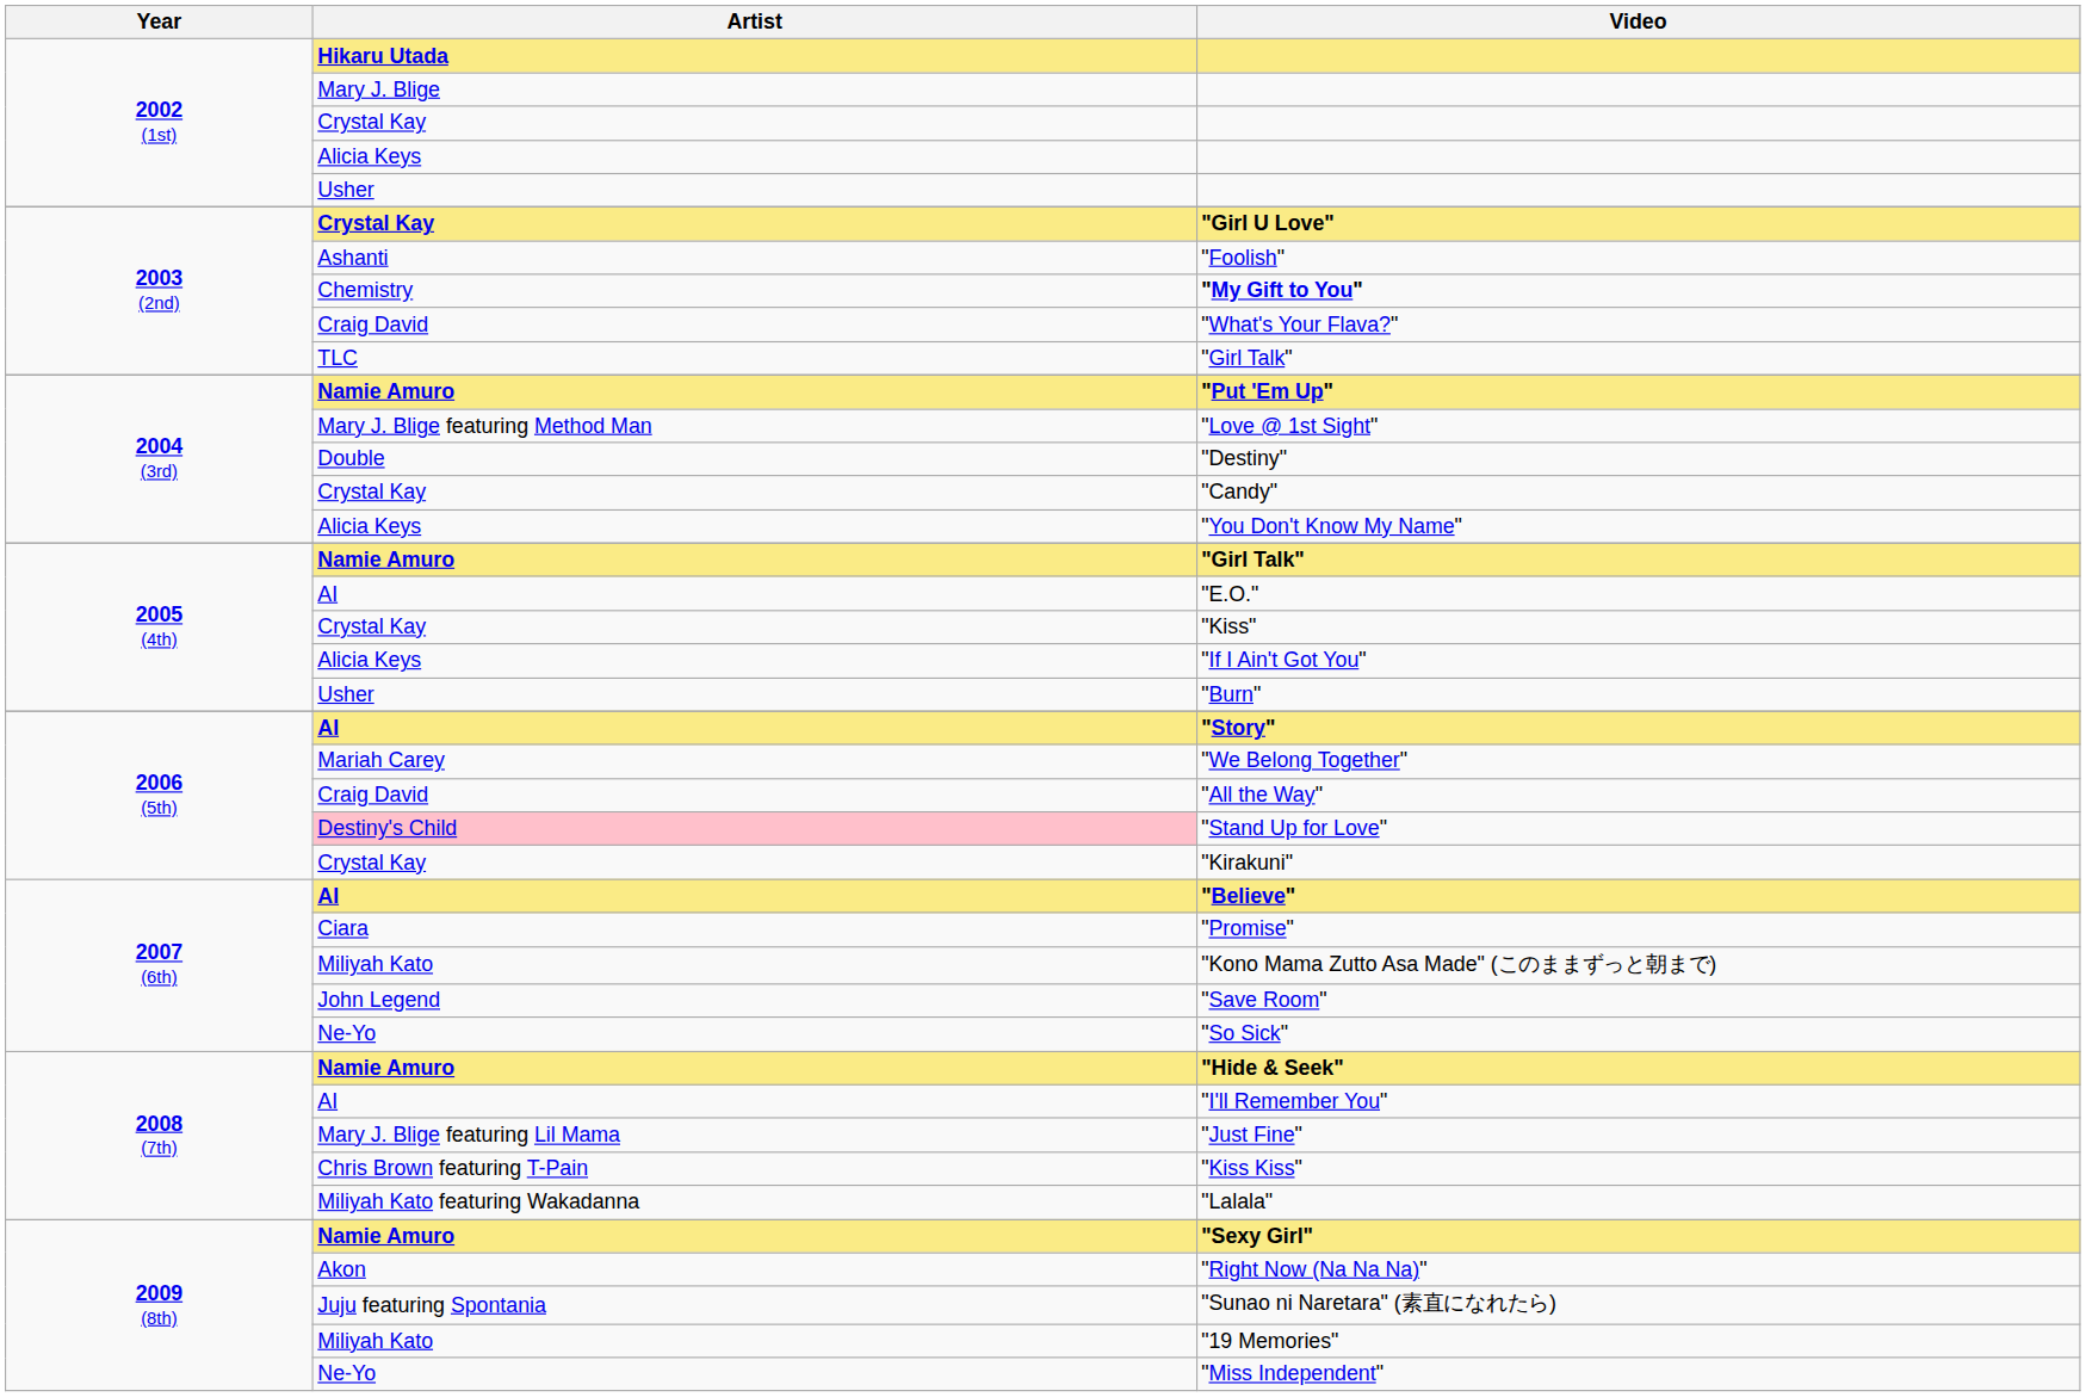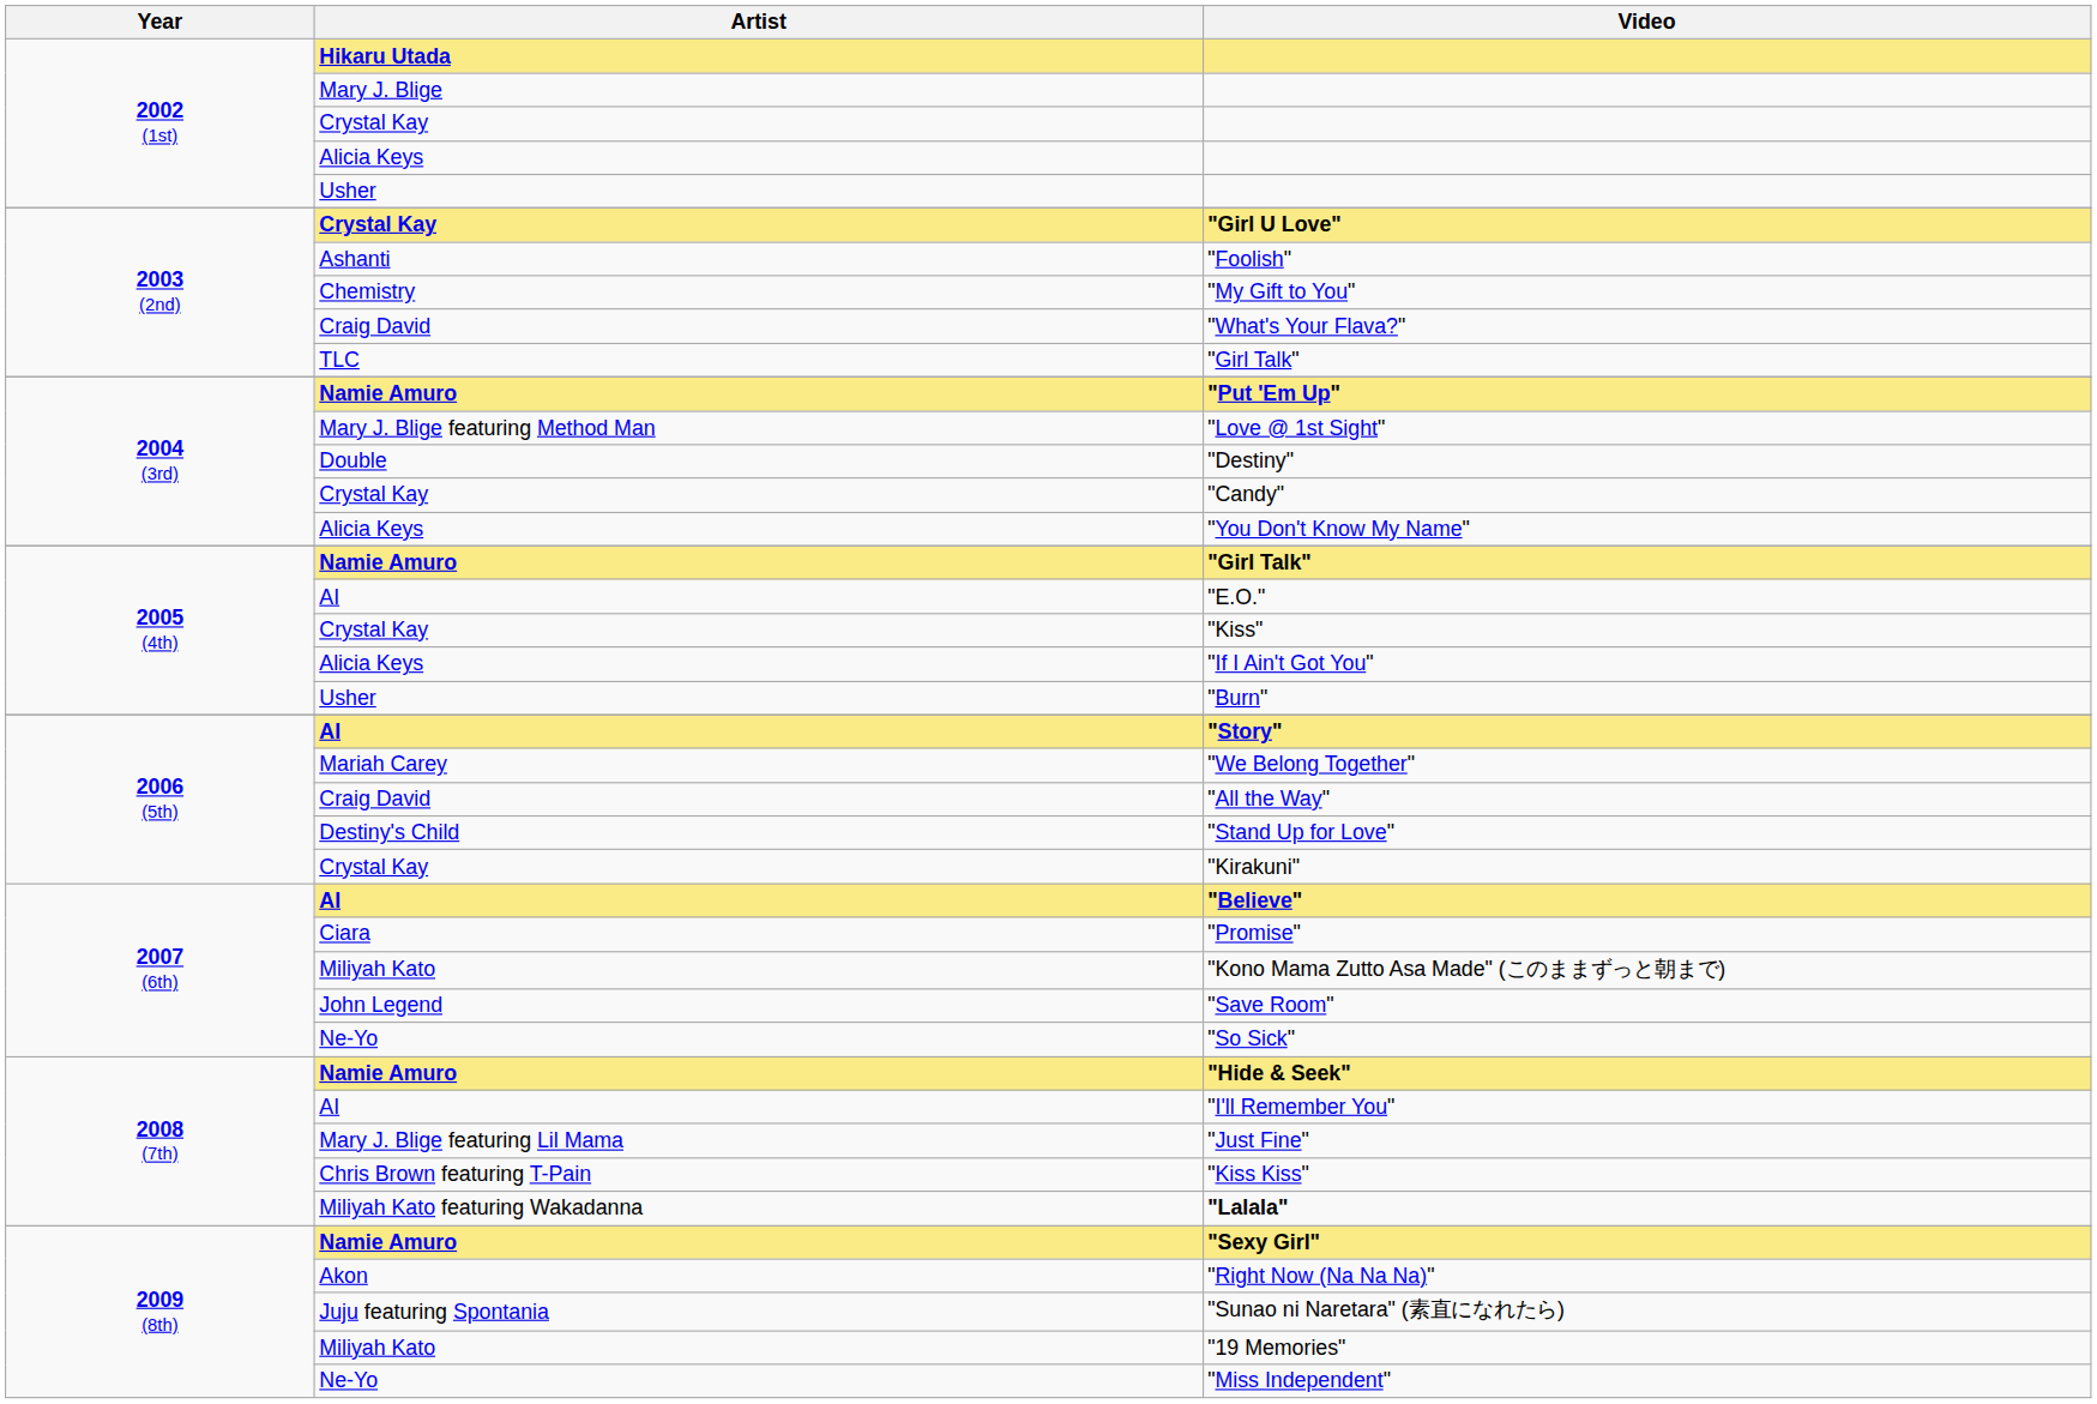 <table class="sortable wikitable">
 <tr>
 <th width="8%">Year</th>
 <th width="23%">Artist</th>
 <th width="23%">Video</th>
 </tr>
 <tr>
 <td rowspan=5 style="text-align:center"><strong><a href='#'>2002</a></strong><br><small><a href='#'>(1st)</a></small></td>
 <td style="background:#FAEB86"><strong><a href='#'>Hikaru Utada</a></strong></td>
 <td style="background:#FAEB86"></td>
 </tr>
 <tr>
 <td><a href='#'>Mary J. Blige</a></td>
 <td></td>
 </tr>
 <tr>
 <td><a href='#'>Crystal Kay</a></td>
 <td></td>
 </tr>
 <tr>
 <td><a href='#'>Alicia Keys</a></td>
 <td></td>
 </tr>
 <tr>
 <td><a href='#'>Usher</a></td>
 <td></td>
 </tr>
 <tr>
 </tr>
 <tr>
 <td rowspan=5 style="text-align:center"><strong><a href='#'>2003</a></strong><br><small><a href='#'>(2nd)</a></small></td>
 <td style="background:#FAEB86"><strong><a href='#'>Crystal Kay</a></strong></td>
 <td style="background:#FAEB86"><strong>"Girl U Love"</strong></td>
 </tr>
 <tr>
 <td><a href='#'>Ashanti</a></td>
 <td>"<a href='#'>Foolish</a>"</td>
 </tr>
 <tr>
 <td><a href='#'>Chemistry</a></td>
-<td><strong>"<a href='#'>My Gift to You</a>"</strong></td>
+<td>"<a href='#'>My Gift to You</a>"</td>
 </tr>
 <tr>
 <td><a href='#'>Craig David</a></td>
 <td>"<a href='#'>What's Your Flava?</a>"</td>
 </tr>
 <tr>
 <td><a href='#'>TLC</a></td>
 <td>"<a href='#'>Girl Talk</a>"</td>
 </tr>
 <tr>
 </tr>
 <tr>
 <td rowspan=5 style="text-align:center"><strong><a href='#'>2004</a></strong><br><small><a href='#'>(3rd)</a></small></td>
 <td style="background:#FAEB86"><strong><a href='#'>Namie Amuro</a></strong></td>
 <td style="background:#FAEB86"><strong>"<a href='#'>Put 'Em Up</a>"</strong></td>
 </tr>
 <tr>
 <td><a href='#'>Mary J. Blige</a> featuring <a href='#'>Method Man</a></td>
 <td>"<a href='#'>Love @ 1st Sight</a>"</td>
 </tr>
 <tr>
 <td><a href='#'>Double</a></td>
 <td>"Destiny"</td>
 </tr>
 <tr>
 <td><a href='#'>Crystal Kay</a></td>
 <td>"Candy"</td>
 </tr>
 <tr>
 <td><a href='#'>Alicia Keys</a></td>
 <td>"<a href='#'>You Don't Know My Name</a>"</td>
 </tr>
 <tr>
 </tr>
 <tr>
 <td rowspan=5 style="text-align:center"><strong><a href='#'>2005</a></strong><br><small><a href='#'>(4th)</a></small></td>
 <td style="background:#FAEB86"><strong><a href='#'>Namie Amuro</a></strong></td>
 <td style="background:#FAEB86"><strong>"Girl Talk"</strong></td>
 </tr>
 <tr>
 <td><a href='#'>AI</a></td>
 <td>"E.O."</td>
 </tr>
 <tr>
 <td><a href='#'>Crystal Kay</a></td>
 <td>"Kiss"</td>
 </tr>
 <tr>
 <td><a href='#'>Alicia Keys</a></td>
 <td>"<a href='#'>If I Ain't Got You</a>"</td>
 </tr>
 <tr>
 <td><a href='#'>Usher</a></td>
 <td>"<a href='#'>Burn</a>"</td>
 </tr>
 <tr>
 </tr>
 <tr>
 <td rowspan=5 style="text-align:center"><strong><a href='#'>2006</a></strong><br><small><a href='#'>(5th)</a></small></td>
 <td style="background:#FAEB86"><strong><a href='#'>AI</a></strong></td>
 <td style="background:#FAEB86"><strong>"<a href='#'>Story</a>"</strong></td>
 </tr>
 <tr>
 <td><a href='#'>Mariah Carey</a></td>
 <td>"<a href='#'>We Belong Together</a>"</td>
 </tr>
 <tr>
 <td><a href='#'>Craig David</a></td>
 <td>"<a href='#'>All the Way</a>"</td>
 </tr>
 <tr>
-<td style="background: pink;"><a href='#'>Destiny's Child</a></td>
+<td><a href='#'>Destiny's Child</a></td>
 <td>"<a href='#'>Stand Up for Love</a>"</td>
 </tr>
 <tr>
 <td><a href='#'>Crystal Kay</a></td>
 <td>"Kirakuni"</td>
 </tr>
 <tr>
 <td rowspan=5 style="text-align:center"><strong><a href='#'>2007</a></strong><br><small><a href='#'>(6th)</a></small></td>
 <td style="background:#FAEB86"><strong><a href='#'>AI</a></strong></td>
 <td style="background:#FAEB86"><strong>"<a href='#'>Believe</a>"</strong></td>
 </tr>
 <tr>
 <td><a href='#'>Ciara</a></td>
 <td>"<a href='#'>Promise</a>"</td>
 </tr>
 <tr>
 <td><a href='#'>Miliyah Kato</a></td>
 <td>"Kono Mama Zutto Asa Made" (このままずっと朝まで)</td>
 </tr>
 <tr>
 <td><a href='#'>John Legend</a></td>
 <td>"<a href='#'>Save Room</a>"</td>
 </tr>
 <tr>
 <td><a href='#'>Ne-Yo</a></td>
 <td>"<a href='#'>So Sick</a>"</td>
 </tr>
 <tr>
 <td rowspan=5 style="text-align:center"><strong><a href='#'>2008</a></strong><br><small><a href='#'>(7th)</a></small></td>
 <td style="background:#FAEB86"><strong><a href='#'>Namie Amuro</a></strong></td>
 <td style="background:#FAEB86"><strong>"Hide & Seek"</strong></td>
 </tr>
 <tr>
 <td><a href='#'>AI</a></td>
 <td>"<a href='#'>I'll Remember You</a>"</td>
 </tr>
 <tr>
 <td><a href='#'>Mary J. Blige</a> featuring <a href='#'>Lil Mama</a></td>
 <td>"<a href='#'>Just Fine</a>"</td>
 </tr>
 <tr>
 <td><a href='#'>Chris Brown</a> featuring <a href='#'>T-Pain</a></td>
 <td>"<a href='#'>Kiss Kiss</a>"</td>
 </tr>
 <tr>
 <td><a href='#'>Miliyah Kato</a> featuring Wakadanna</td>
-<td>"Lalala"</td>
+<td><strong>"Lalala"</strong></td>
 </tr>
 <tr>
 </tr>
 <tr>
 <td rowspan=5 style="text-align:center"><strong><a href='#'>2009</a></strong><br><small><a href='#'>(8th)</a></small></td>
 <td style="background:#FAEB86"><strong><a href='#'>Namie Amuro</a></strong></td>
 <td style="background:#FAEB86"><strong>"Sexy Girl"</strong></td>
 </tr>
 <tr>
 <td><a href='#'>Akon</a></td>
 <td>"<a href='#'>Right Now (Na Na Na)</a>"</td>
 </tr>
 <tr>
 <td><a href='#'>Juju</a> featuring <a href='#'>Spontania</a></td>
 <td>"Sunao ni Naretara" (素直になれたら)</td>
 </tr>
 <tr>
 <td><a href='#'>Miliyah Kato</a></td>
 <td>"19 Memories"</td>
 </tr>
 <tr>
 <td><a href='#'>Ne-Yo</a></td>
 <td>"<a href='#'>Miss Independent</a>"</td>
 </tr>
 </table>
